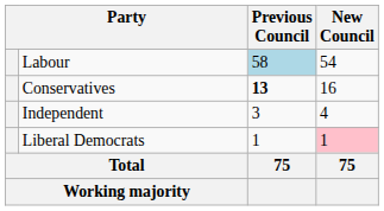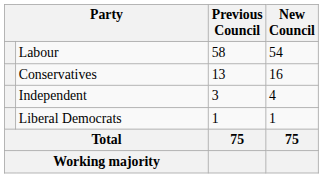 <table class="wikitable">
 <tr>
 <th style="width: 230px" colspan="2" valign="top">Party</th>
 <th style="width: 30px" valign="top">Previous Council</th>
 <th style="width: 30px" valign="top">New Council</th>
 </tr>
 <tr>
 <th style="background-color: "></th>
 <td>Labour</td>
-<td style="background: lightblue;">58</td>
+<td>58</td>
 <td>54</td>
 </tr>
 <tr>
 <th style="background-color: "></th>
 <td>Conservatives</td>
-<td><strong>13</strong></td>
+<td>13</td>
 <td>16</td>
 </tr>
 <tr>
 <th style="background-color: "></th>
 <td>Independent</td>
 <td>3</td>
 <td>4</td>
 </tr>
 <tr>
 <th style="background-color: "></th>
 <td>Liberal Democrats</td>
 <td>1</td>
-<td style="background: pink;">1</td>
+<td>1</td>
 </tr>
 <tr>
 <th colspan="2">Total</th>
 <th style="text-align: center">75</th>
 <th>75</th>
 </tr>
 <tr>
 <th colspan="2">Working majority</th>
 <th></th>
 <th></th>
 </tr>
 </table>
